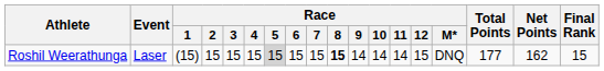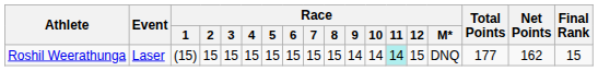 <table class="wikitable" style="font-size:90%">
 <tr>
 <th rowspan=2>Athlete</th>
 <th rowspan=2>Event</th>
 <th colspan=13>Race</th>
 <th rowspan=2>Total<br>Points</th>
 <th rowspan=2>Net<br>Points</th>
 <th rowspan=2>Final<br>Rank</th>
 </tr>
 <tr style="font-size:95%">
 <th>1</th>
 <th>2</th>
 <th>3</th>
 <th>4</th>
 <th>5</th>
 <th>6</th>
 <th>7</th>
 <th>8</th>
 <th>9</th>
 <th>10</th>
 <th>11</th>
 <th>12</th>
 <th>M*</th>
 </tr>
 <tr align=center>
 <td align=left><a href='#'>Roshil Weerathunga</a></td>
 <td align=left><a href='#'>Laser</a></td>
 <td>(15)</td>
 <td>15</td>
 <td>15</td>
 <td>15</td>
-<td style="background: lightgrey;">15</td>
 <td>15</td>
 <td>15</td>
-<td><strong>15</strong></td>
+<td>15</td>
+<td>15</td>
 <td>14</td>
 <td>14</td>
-<td>14</td>
+<td style="background: paleturquoise;">14</td>
 <td>15</td>
 <td>DNQ</td>
 <td>177</td>
 <td>162</td>
 <td>15</td>
 </tr>
 </table>
